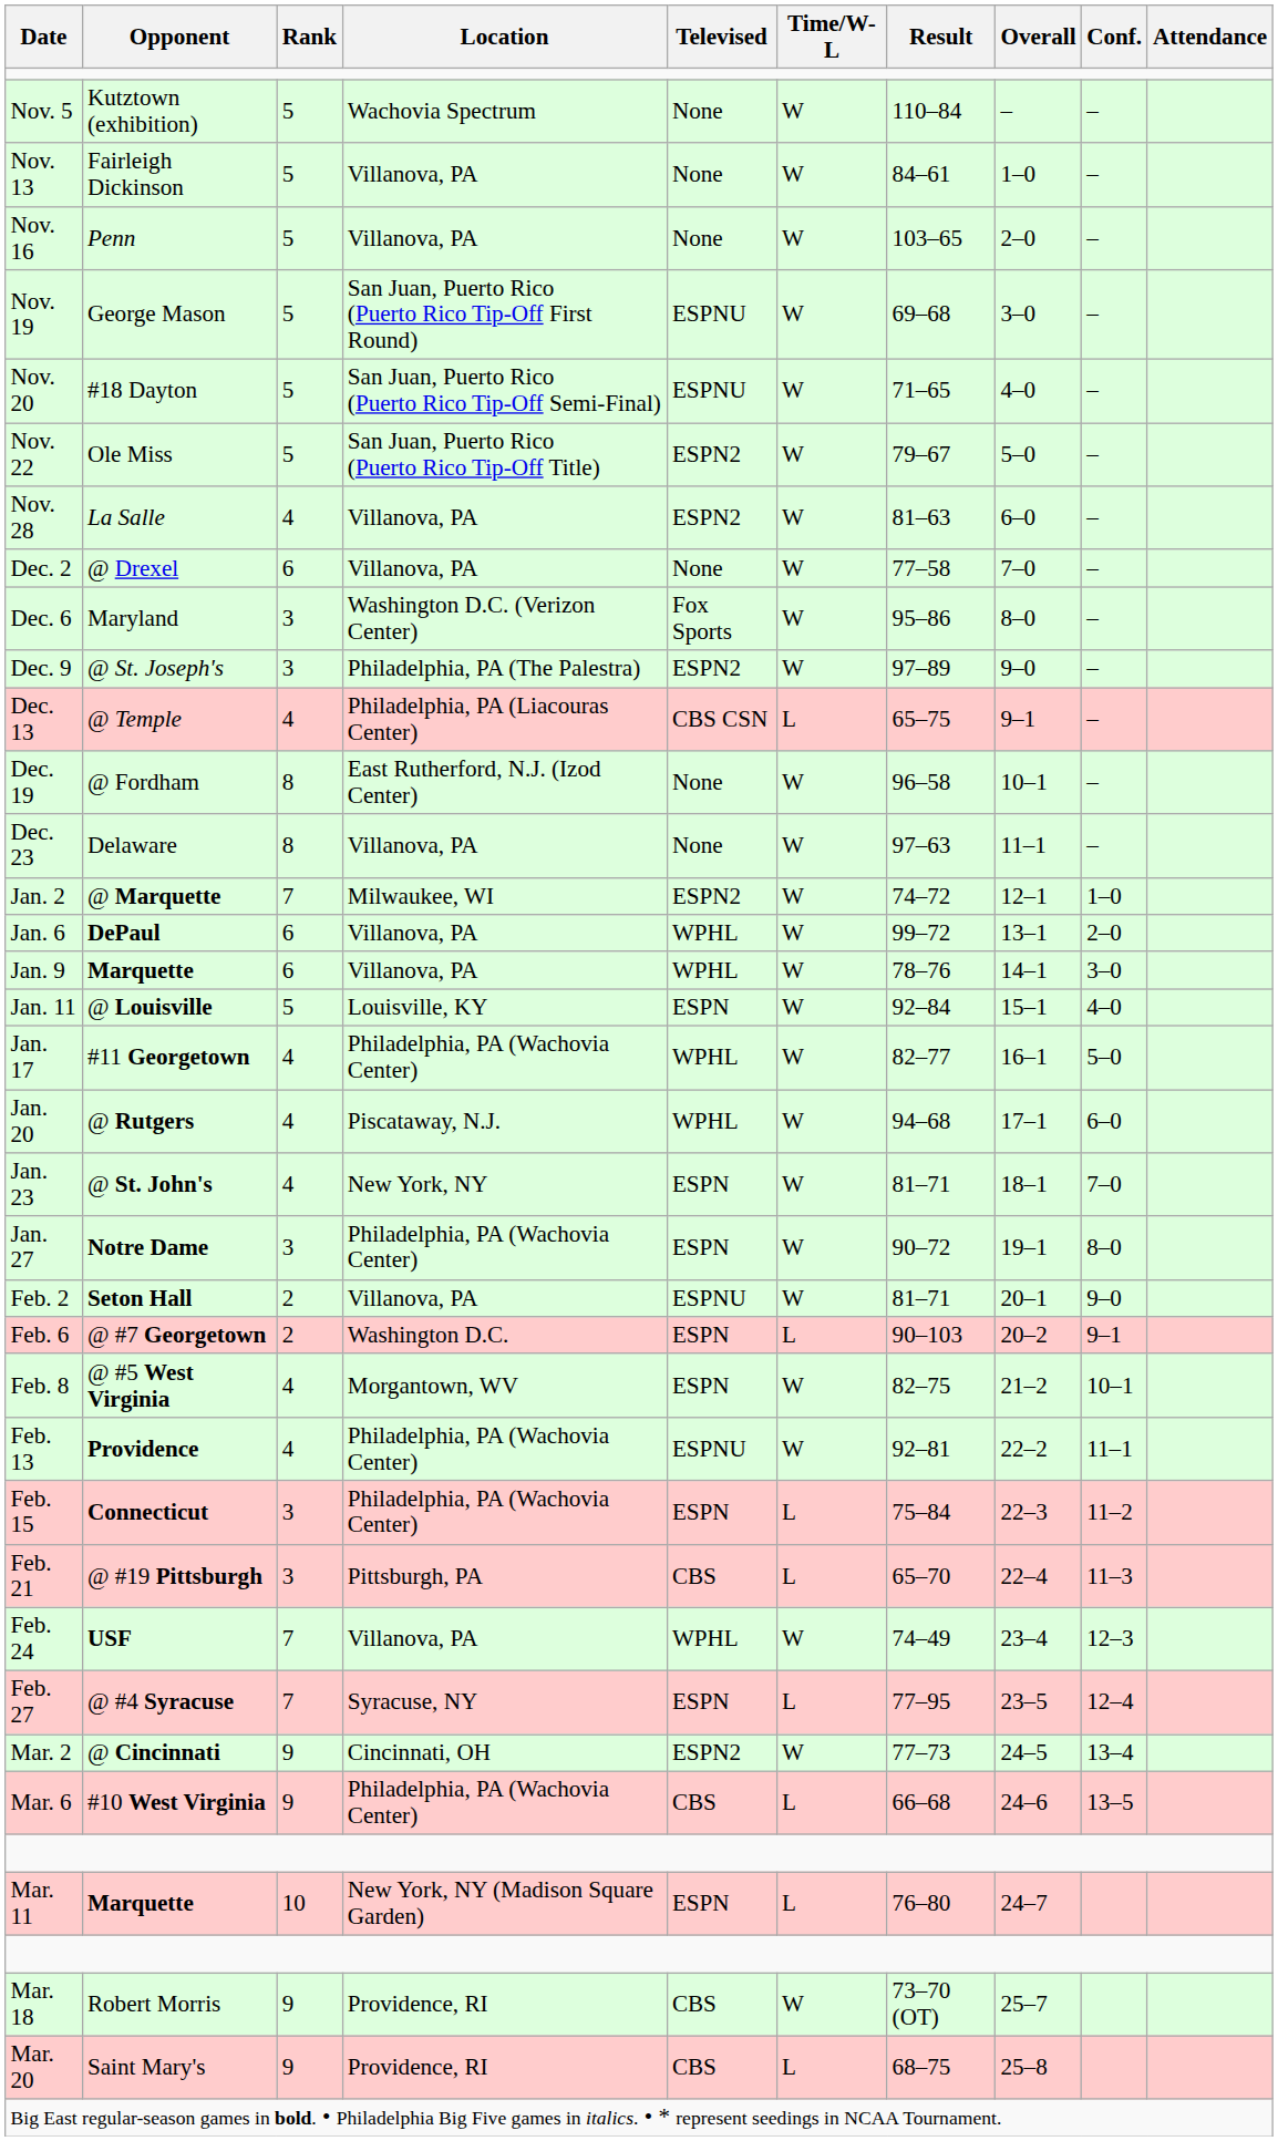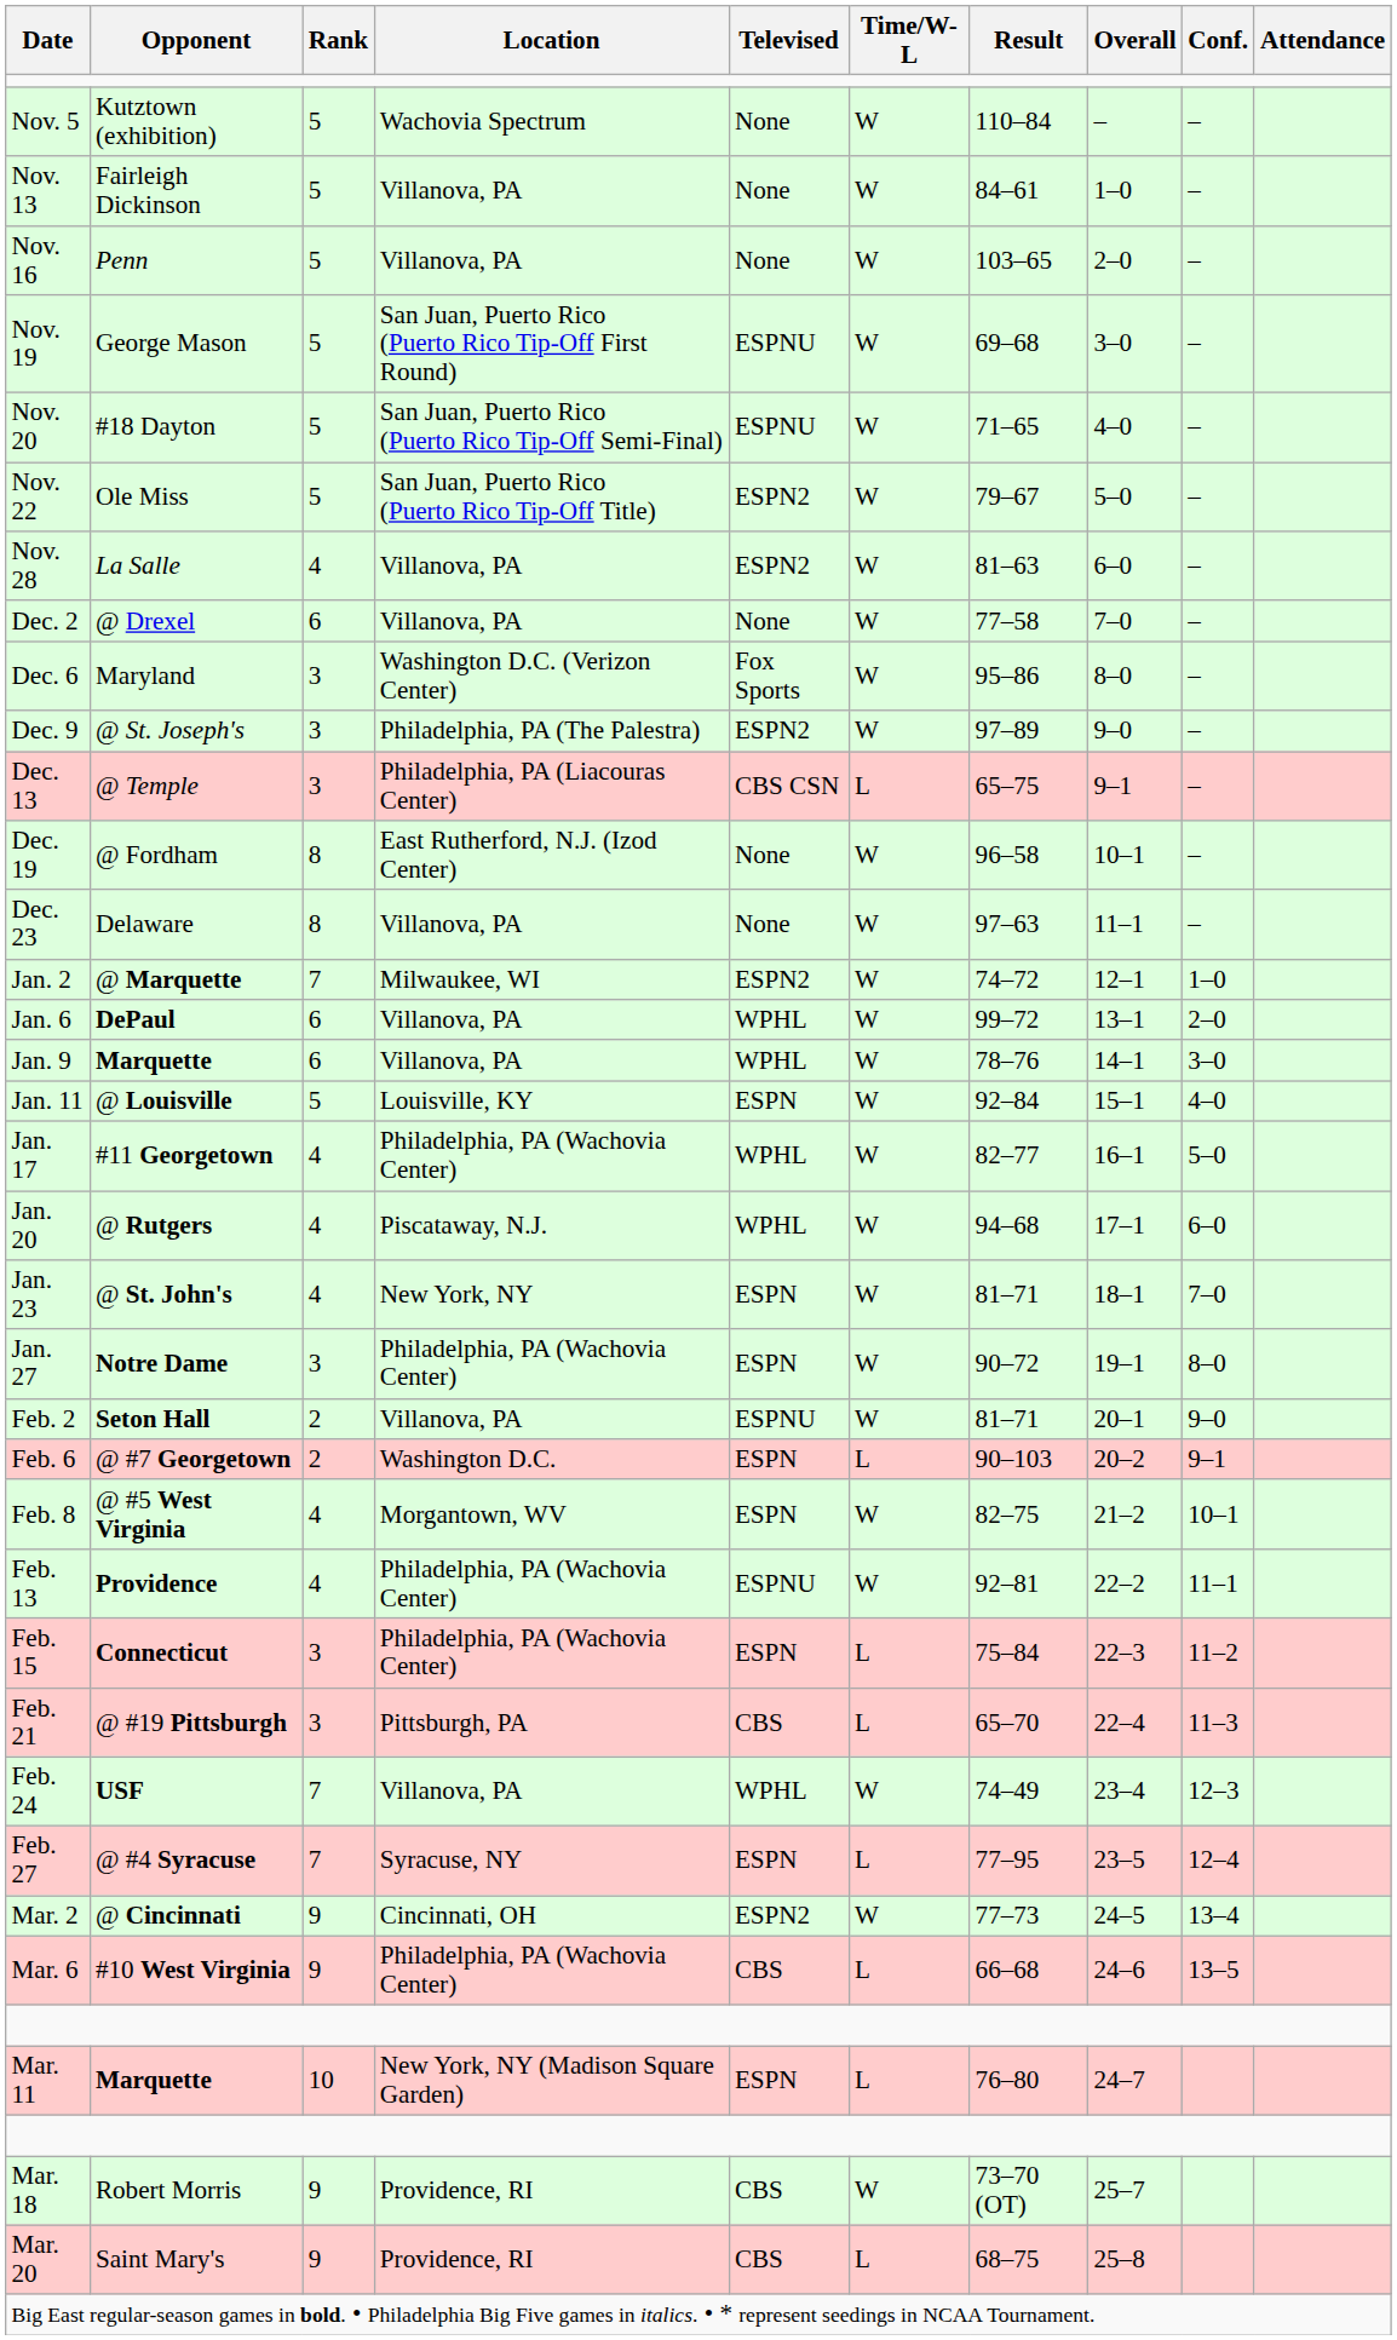 <table class="wikitable">
 <tr>
 <th>Date</th>
 <th>Opponent</th>
 <th>Rank</th>
 <th>Location</th>
 <th>Televised</th>
 <th>Time/W-L</th>
 <th>Result</th>
 <th>Overall</th>
 <th>Conf.</th>
 <th>Attendance</th>
 </tr>
 <tr>
 <td colspan="10"></td>
 </tr>
 <tr style="background: #ddffdd;">
 <td>Nov. 5</td>
 <td>Kutztown (exhibition)</td>
 <td>5</td>
 <td>Wachovia Spectrum</td>
 <td>None</td>
 <td>W</td>
 <td>110–84</td>
 <td>–</td>
 <td>–</td>
 <td></td>
 </tr>
 <tr style="background: #ddffdd;">
 <td>Nov. 13</td>
 <td>Fairleigh Dickinson</td>
 <td>5</td>
 <td>Villanova, PA</td>
 <td>None</td>
 <td>W</td>
 <td>84–61</td>
 <td>1–0</td>
 <td>–</td>
 <td></td>
 </tr>
 <tr style="background: #ddffdd;">
 <td>Nov. 16</td>
 <td><em>Penn</em></td>
 <td>5</td>
 <td>Villanova, PA</td>
 <td>None</td>
 <td>W</td>
 <td>103–65</td>
 <td>2–0</td>
 <td>–</td>
 <td></td>
 </tr>
 <tr style="background: #ddffdd;">
 <td>Nov. 19</td>
 <td>George Mason</td>
 <td>5</td>
 <td>San Juan, Puerto Rico<br>(<a href='#'>Puerto Rico Tip-Off</a> First Round)</td>
 <td>ESPNU</td>
 <td>W</td>
 <td>69–68</td>
 <td>3–0</td>
 <td>–</td>
 <td></td>
 </tr>
 <tr style="background: #ddffdd;">
 <td>Nov. 20</td>
 <td>#18 Dayton</td>
 <td>5</td>
 <td>San Juan, Puerto Rico<br>(<a href='#'>Puerto Rico Tip-Off</a> Semi-Final)</td>
 <td>ESPNU</td>
 <td>W</td>
 <td>71–65</td>
 <td>4–0</td>
 <td>–</td>
 <td></td>
 </tr>
 <tr style="background: #ddffdd;">
 <td>Nov. 22</td>
 <td>Ole Miss</td>
 <td>5</td>
 <td>San Juan, Puerto Rico<br>(<a href='#'>Puerto Rico Tip-Off</a> Title)</td>
 <td>ESPN2</td>
 <td>W</td>
 <td>79–67</td>
 <td>5–0</td>
 <td>–</td>
 <td></td>
 </tr>
 <tr style="background: #ddffdd;">
 <td>Nov. 28</td>
 <td><em>La Salle</em></td>
 <td>4</td>
 <td>Villanova, PA</td>
 <td>ESPN2</td>
 <td>W</td>
 <td>81–63</td>
 <td>6–0</td>
 <td>–</td>
 <td></td>
 </tr>
 <tr style="background: #ddffdd;">
 <td>Dec. 2</td>
 <td>@ <a href='#'>Drexel</a></td>
 <td>6</td>
 <td>Villanova, PA</td>
 <td>None</td>
 <td>W</td>
 <td>77–58</td>
 <td>7–0</td>
 <td>–</td>
 <td></td>
 </tr>
 <tr style="background: #ddffdd;">
 <td>Dec. 6</td>
 <td>Maryland</td>
 <td>3</td>
 <td>Washington D.C. (Verizon Center)</td>
 <td>Fox Sports</td>
 <td>W</td>
 <td>95–86</td>
 <td>8–0</td>
 <td>–</td>
 <td></td>
 </tr>
 <tr style="background: #ddffdd;">
 <td>Dec. 9</td>
 <td>@ <em>St. Joseph's</em></td>
 <td>3</td>
 <td>Philadelphia, PA (The Palestra)</td>
 <td>ESPN2</td>
 <td>W</td>
 <td>97–89</td>
 <td>9–0</td>
 <td>–</td>
 <td></td>
 </tr>
 <tr style="background: #ffcccc;">
 <td>Dec. 13</td>
 <td>@ <em>Temple</em></td>
-<td>4</td>
+<td>3</td>
 <td>Philadelphia, PA (Liacouras Center)</td>
 <td>CBS CSN</td>
 <td>L</td>
 <td>65–75</td>
 <td>9–1</td>
 <td>–</td>
 <td></td>
 </tr>
 <tr style="background: #ddffdd;">
 <td>Dec. 19</td>
 <td>@ Fordham</td>
 <td>8</td>
 <td>East Rutherford, N.J. (Izod Center)</td>
 <td>None</td>
 <td>W</td>
 <td>96–58</td>
 <td>10–1</td>
 <td>–</td>
 <td></td>
 </tr>
 <tr style="background: #ddffdd;">
 <td>Dec. 23</td>
 <td>Delaware</td>
 <td>8</td>
 <td>Villanova, PA</td>
 <td>None</td>
 <td>W</td>
 <td>97–63</td>
 <td>11–1</td>
 <td>–</td>
 <td></td>
 </tr>
 <tr style="background: #ddffdd;">
 <td>Jan. 2</td>
 <td>@ <strong>Marquette</strong></td>
 <td>7</td>
 <td>Milwaukee, WI</td>
 <td>ESPN2</td>
 <td>W</td>
 <td>74–72</td>
 <td>12–1</td>
 <td>1–0</td>
 <td></td>
 </tr>
 <tr style="background: #ddffdd;">
 <td>Jan. 6</td>
 <td><strong> DePaul</strong></td>
 <td>6</td>
 <td>Villanova, PA</td>
 <td>WPHL</td>
 <td>W</td>
 <td>99–72</td>
 <td>13–1</td>
 <td>2–0</td>
 <td></td>
 </tr>
 <tr style="background: #ddffdd;">
 <td>Jan. 9</td>
 <td><strong>Marquette</strong></td>
 <td>6</td>
 <td>Villanova, PA</td>
 <td>WPHL</td>
 <td>W</td>
 <td>78–76</td>
 <td>14–1</td>
 <td>3–0</td>
 <td></td>
 </tr>
 <tr style="background: #ddffdd;">
 <td>Jan. 11</td>
 <td>@ <strong> Louisville</strong></td>
 <td>5</td>
 <td>Louisville, KY</td>
 <td>ESPN</td>
 <td>W</td>
 <td>92–84</td>
 <td>15–1</td>
 <td>4–0</td>
 <td></td>
 </tr>
 <tr style="background: #ddffdd;">
 <td>Jan. 17</td>
 <td>#11 <strong>Georgetown</strong></td>
 <td>4</td>
 <td>Philadelphia, PA (Wachovia Center)</td>
 <td>WPHL</td>
 <td>W</td>
 <td>82–77</td>
 <td>16–1</td>
 <td>5–0</td>
 <td></td>
 </tr>
 <tr style="background: #ddffdd;">
 <td>Jan. 20</td>
 <td>@ <strong>Rutgers</strong></td>
 <td>4</td>
 <td>Piscataway, N.J.</td>
 <td>WPHL</td>
 <td>W</td>
 <td>94–68</td>
 <td>17–1</td>
 <td>6–0</td>
 <td></td>
 </tr>
 <tr style="background: #ddffdd;">
 <td>Jan. 23</td>
 <td>@ <strong>St. John's</strong></td>
 <td>4</td>
 <td>New York, NY</td>
 <td>ESPN</td>
 <td>W</td>
 <td>81–71</td>
 <td>18–1</td>
 <td>7–0</td>
 <td></td>
 </tr>
 <tr style="background: #ddffdd;">
 <td>Jan. 27</td>
 <td><strong>Notre Dame</strong></td>
 <td>3</td>
 <td>Philadelphia, PA (Wachovia Center)</td>
 <td>ESPN</td>
 <td>W</td>
 <td>90–72</td>
 <td>19–1</td>
 <td>8–0</td>
 <td></td>
 </tr>
 <tr style="background: #ddffdd;">
 <td>Feb. 2</td>
 <td><strong>Seton Hall</strong></td>
 <td>2</td>
 <td>Villanova, PA</td>
 <td>ESPNU</td>
 <td>W</td>
 <td>81–71</td>
 <td>20–1</td>
 <td>9–0</td>
 <td></td>
 </tr>
 <tr style="background: #ffcccc;">
 <td>Feb. 6</td>
 <td>@ #7 <strong>Georgetown</strong></td>
 <td>2</td>
 <td>Washington D.C.</td>
 <td>ESPN</td>
 <td>L</td>
 <td>90–103</td>
 <td>20–2</td>
 <td>9–1</td>
 <td></td>
 </tr>
 <tr style="background: #ddffdd;">
 <td>Feb. 8</td>
 <td>@ #5 <strong>West Virginia</strong></td>
 <td>4</td>
 <td>Morgantown, WV</td>
 <td>ESPN</td>
 <td>W</td>
 <td>82–75</td>
 <td>21–2</td>
 <td>10–1</td>
 <td></td>
 </tr>
 <tr style="background: #ddffdd;">
 <td>Feb. 13</td>
 <td><strong>Providence</strong></td>
 <td>4</td>
 <td>Philadelphia, PA (Wachovia Center)</td>
 <td>ESPNU</td>
 <td>W</td>
 <td>92–81</td>
 <td>22–2</td>
 <td>11–1</td>
 <td></td>
 </tr>
 <tr style="background: #ffcccc;">
 <td>Feb. 15</td>
 <td><strong>Connecticut</strong></td>
 <td>3</td>
 <td>Philadelphia, PA (Wachovia Center)</td>
 <td>ESPN</td>
 <td>L</td>
 <td>75–84</td>
 <td>22–3</td>
 <td>11–2</td>
 <td></td>
 </tr>
 <tr style="background: #ffcccc;">
 <td>Feb. 21</td>
 <td>@ #19 <strong>Pittsburgh</strong></td>
 <td>3</td>
 <td>Pittsburgh, PA</td>
 <td>CBS</td>
 <td>L</td>
 <td>65–70</td>
 <td>22–4</td>
 <td>11–3</td>
 <td></td>
 </tr>
 <tr style="background: #ddffdd;">
 <td>Feb. 24</td>
 <td><strong>USF</strong></td>
 <td>7</td>
 <td>Villanova, PA</td>
 <td>WPHL</td>
 <td>W</td>
 <td>74–49</td>
 <td>23–4</td>
 <td>12–3</td>
 <td></td>
 </tr>
 <tr style="background: #ffcccc;">
 <td>Feb. 27</td>
 <td>@ #4 <strong>Syracuse</strong></td>
 <td>7</td>
 <td>Syracuse, NY</td>
 <td>ESPN</td>
 <td>L</td>
 <td>77–95</td>
 <td>23–5</td>
 <td>12–4</td>
 <td></td>
 </tr>
 <tr style="background: #ddffdd;">
 <td>Mar. 2</td>
 <td>@ <strong>Cincinnati</strong></td>
 <td>9</td>
 <td>Cincinnati, OH</td>
 <td>ESPN2</td>
 <td>W</td>
 <td>77–73</td>
 <td>24–5</td>
 <td>13–4</td>
 <td></td>
 </tr>
 <tr style="background: #ffcccc;">
 <td>Mar. 6</td>
 <td>#10 <strong>West Virginia</strong></td>
 <td>9</td>
 <td>Philadelphia, PA (Wachovia Center)</td>
 <td>CBS</td>
 <td>L</td>
 <td>66–68</td>
 <td>24–6</td>
 <td>13–5</td>
 <td></td>
 </tr>
 <tr style="background:">
 <td colspan="10"><br></td>
 </tr>
 <tr style="background: #ffcccc;">
 <td>Mar. 11</td>
 <td><strong>Marquette</strong></td>
 <td>10</td>
 <td>New York, NY (Madison Square Garden)</td>
 <td>ESPN</td>
 <td>L</td>
 <td>76–80</td>
 <td>24–7</td>
 <td></td>
 <td></td>
 </tr>
 <tr style="background:">
 <td colspan="10"><br></td>
 </tr>
 <tr style="background: #ddffdd;">
 <td>Mar. 18</td>
 <td>Robert Morris</td>
 <td>9</td>
 <td>Providence, RI</td>
 <td>CBS</td>
 <td>W</td>
 <td>73–70 (OT)</td>
 <td>25–7</td>
 <td></td>
 <td></td>
 </tr>
 <tr style="background: #ffcccc;">
 <td>Mar. 20</td>
 <td>Saint Mary's</td>
 <td>9</td>
 <td>Providence, RI</td>
 <td>CBS</td>
 <td>L</td>
 <td>68–75</td>
 <td>25–8</td>
 <td></td>
 <td></td>
 </tr>
 <tr style="background:">
 <td colspan="10"><small>Big East regular-season games in <strong>bold</strong>.</small> • <small>Philadelphia Big Five games in <em>italics</em>.</small> • * <small>represent seedings in NCAA Tournament.</small></td>
 </tr>
 </table>
